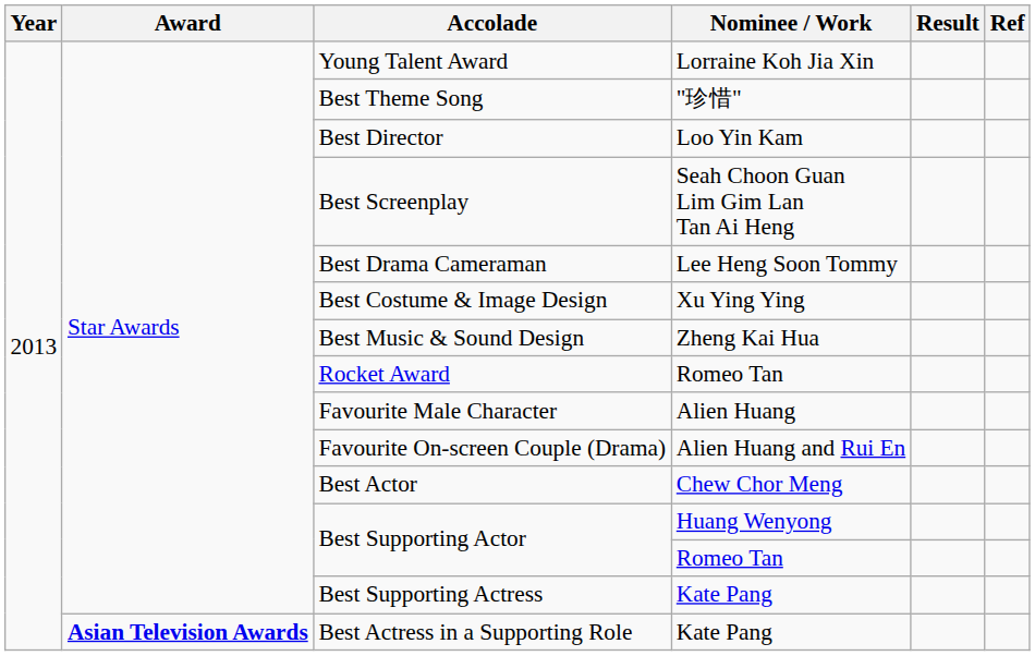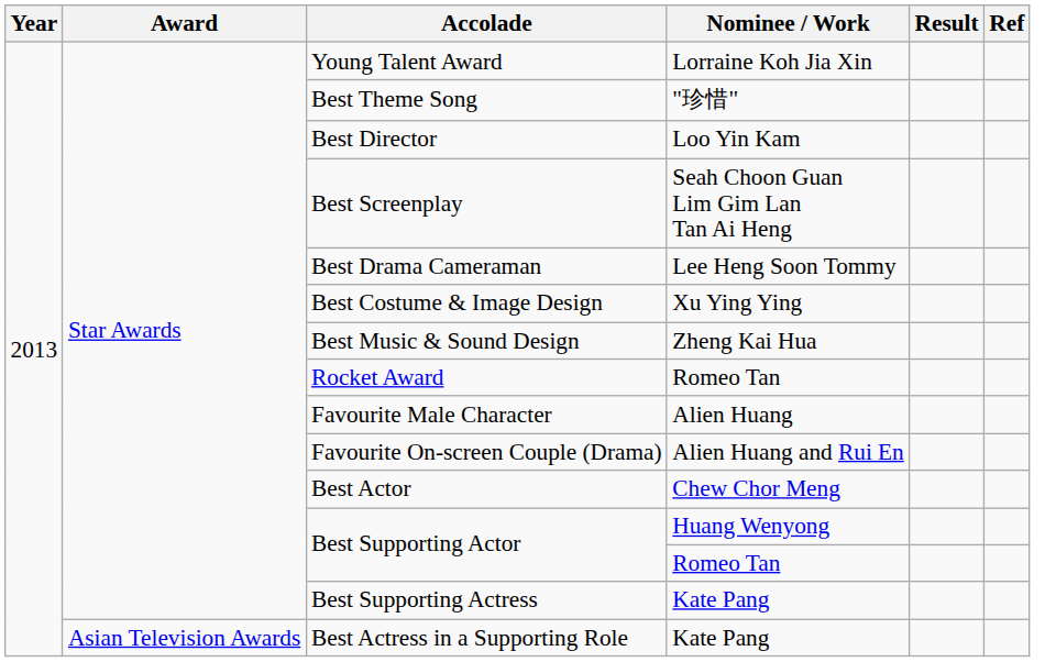 <table class="wikitable sortable">
 <tr>
 <th>Year</th>
 <th>Award</th>
 <th>Accolade</th>
 <th>Nominee / Work</th>
 <th class="unsortable">Result</th>
 <th>Ref</th>
 </tr>
 <tr>
 <td rowspan="15">2013</td>
 <td rowspan="14"><a href='#'>Star Awards</a></td>
 <td>Young Talent Award<br></td>
 <td>Lorraine Koh Jia Xin </td>
 <td></td>
 <td></td>
 </tr>
 <tr>
 <td>Best Theme Song<br></td>
 <td>"珍惜"</td>
 <td></td>
 <td></td>
 </tr>
 <tr>
 <td>Best Director<br></td>
 <td>Loo Yin Kam </td>
 <td></td>
 <td></td>
 </tr>
 <tr>
 <td>Best Screenplay<br></td>
 <td>Seah Choon Guan <br>Lim Gim Lan <br>Tan Ai Heng </td>
 <td></td>
 <td></td>
 </tr>
 <tr>
 <td>Best Drama Cameraman<br></td>
 <td>Lee Heng Soon Tommy </td>
 <td></td>
 <td></td>
 </tr>
 <tr>
 <td>Best Costume & Image Design<br></td>
 <td>Xu Ying Ying </td>
 <td></td>
 <td></td>
 </tr>
 <tr>
 <td>Best Music & Sound Design<br></td>
 <td>Zheng Kai Hua </td>
 <td></td>
 <td></td>
 </tr>
 <tr>
 <td><a href='#'>Rocket Award</a></td>
 <td>Romeo Tan</td>
 <td></td>
 <td></td>
 </tr>
 <tr>
 <td>Favourite Male Character<br></td>
 <td>Alien Huang</td>
 <td></td>
 <td></td>
 </tr>
 <tr>
 <td>Favourite On-screen Couple (Drama)<br></td>
 <td>Alien Huang and <a href='#'>Rui En</a></td>
 <td></td>
 <td></td>
 </tr>
 <tr>
 <td>Best Actor</td>
 <td><a href='#'>Chew Chor Meng</a></td>
 <td></td>
 <td></td>
 </tr>
 <tr>
 <td rowspan="2">Best Supporting Actor</td>
 <td><a href='#'>Huang Wenyong</a></td>
 <td></td>
 <td></td>
 </tr>
 <tr>
 <td><a href='#'>Romeo Tan</a></td>
 <td></td>
 <td></td>
 </tr>
 <tr>
 <td>Best Supporting Actress</td>
 <td><a href='#'>Kate Pang</a></td>
 <td></td>
 <td></td>
 </tr>
 <tr>
-<td><strong><a href='#'>Asian Television Awards</a></strong></td>
+<td><a href='#'>Asian Television Awards</a></td>
 <td>Best Actress in a Supporting Role</td>
 <td>Kate Pang</td>
 <td></td>
 <td></td>
 </tr>
 </table>
